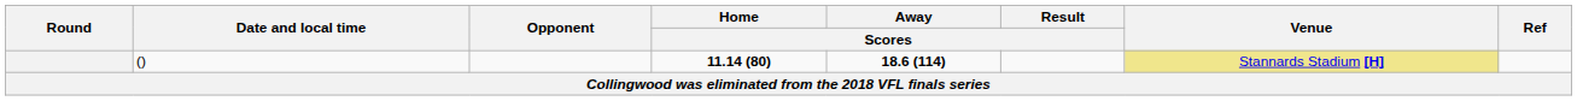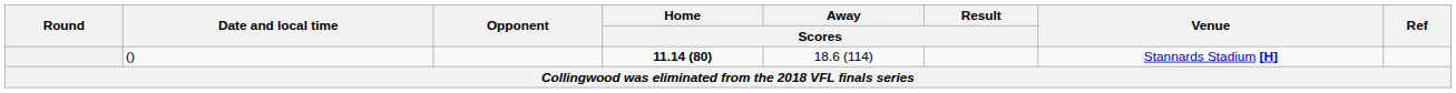 <table class="wikitable plainrowheaders" style="font-size:90%; width:100%; text-align:center;">
 <tr>
 <th scope="col" rowspan="2">Round</th>
 <th scope="col" rowspan="2">Date and local time</th>
 <th scope="col" rowspan="2">Opponent</th>
 <th scope="col">Home</th>
 <th scope="col">Away</th>
 <th scope="col">Result</th>
 <th scope="col" rowspan="2">Venue</th>
 <th scope="col" class="unsortable" rowspan=2>Ref</th>
 </tr>
 <tr>
 <th scope="col" colspan="3">Scores</th>
 </tr>
 <tr>
 <th scope="row"></th>
 <td align=left> ()</td>
 <td align=left></td>
 <td><strong>11.14 (80)</strong></td>
-<td><strong>18.6 (114)</strong></td>
+<td>18.6 (114)</td>
 <td></td>
-<td style="background: khaki;"><a href='#'>Stannards Stadium</a> <a href='#'><strong>[H]</strong></a></td>
+<td><a href='#'>Stannards Stadium</a> <a href='#'><strong>[H]</strong></a></td>
 <td></td>
 </tr>
 <tr>
 <th colspan=8><span><em>Collingwood was eliminated from the 2018 VFL finals series</em></span></th>
 </tr>
 </table>
